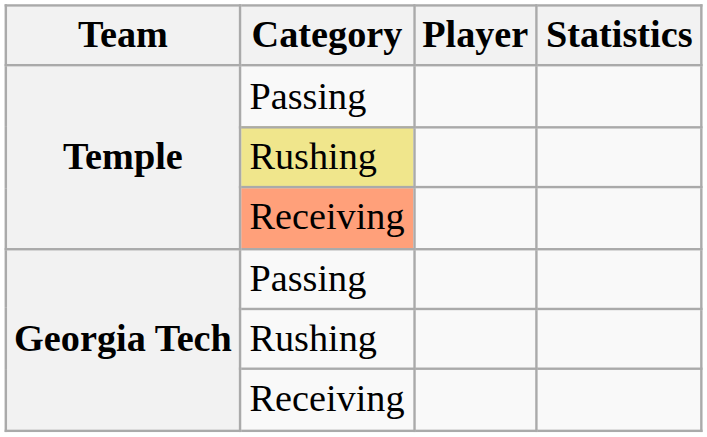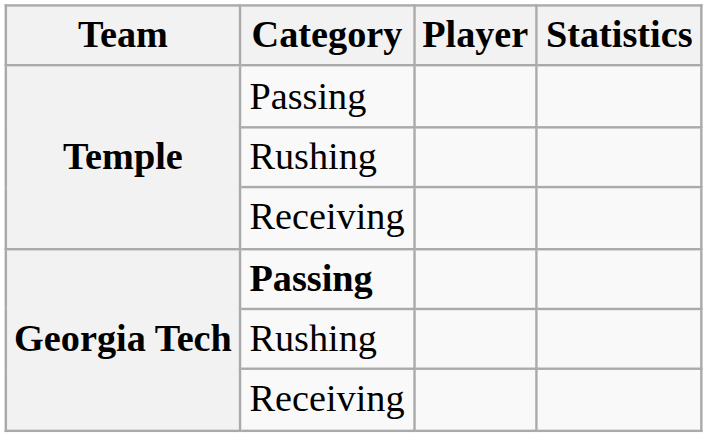 <table class="wikitable" style="float:right">
 <tr>
 <th>Team</th>
 <th>Category</th>
 <th>Player</th>
 <th>Statistics</th>
 </tr>
 <tr>
 <th rowspan=3>Temple</th>
 <td>Passing</td>
 <td></td>
 <td></td>
 </tr>
 <tr>
-<td style="background: khaki;">Rushing</td>
+<td>Rushing</td>
 <td></td>
 <td></td>
 </tr>
 <tr>
-<td style="background: lightsalmon;">Receiving</td>
+<td>Receiving</td>
 <td></td>
 <td></td>
 </tr>
 <tr>
 <th rowspan=3>Georgia Tech</th>
-<td>Passing</td>
+<td><strong>Passing</strong></td>
 <td></td>
 <td></td>
 </tr>
 <tr>
 <td>Rushing</td>
 <td></td>
 <td></td>
 </tr>
 <tr>
 <td>Receiving</td>
 <td></td>
 <td></td>
 </tr>
 </table>
